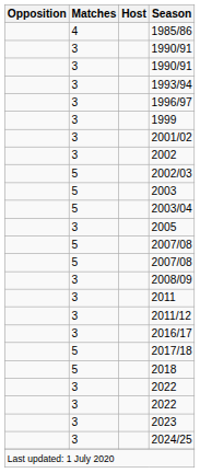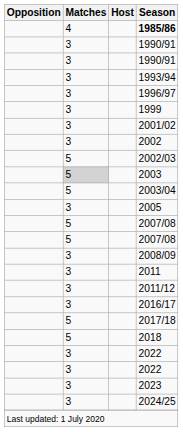 <table class="wikitable plainrowheaders sortable">
 <tr>
 <th scope=col>Opposition</th>
 <th scope=col style="text-align:center">Matches</th>
 <th scope=col>Host</th>
 <th scope=col style="text-align:center">Season</th>
 </tr>
 <tr>
 <td></td>
 <td>4</td>
 <td></td>
-<td>1985/86</td>
+<td><strong>1985/86</strong></td>
 </tr>
 <tr>
 <td></td>
 <td>3</td>
 <td></td>
 <td>1990/91</td>
 </tr>
 <tr>
 <td></td>
 <td>3</td>
 <td></td>
 <td>1990/91</td>
 </tr>
 <tr>
 <td></td>
 <td>3</td>
 <td></td>
 <td>1993/94</td>
 </tr>
 <tr>
 <td></td>
 <td>3</td>
 <td></td>
 <td>1996/97</td>
 </tr>
 <tr>
 <td></td>
 <td>3</td>
 <td></td>
 <td>1999</td>
 </tr>
 <tr>
 <td></td>
 <td>3</td>
 <td></td>
 <td>2001/02</td>
 </tr>
 <tr>
 <td></td>
 <td>3</td>
 <td></td>
 <td>2002</td>
 </tr>
 <tr>
 <td></td>
 <td>5</td>
 <td></td>
 <td>2002/03</td>
 </tr>
 <tr>
 <td></td>
-<td>5</td>
+<td style="background: lightgrey;">5</td>
 <td></td>
 <td>2003</td>
 </tr>
 <tr>
 <td></td>
 <td>5</td>
 <td></td>
 <td>2003/04</td>
 </tr>
 <tr>
 <td></td>
 <td>3</td>
 <td></td>
 <td>2005</td>
 </tr>
 <tr>
 <td></td>
 <td>5</td>
 <td></td>
 <td>2007/08</td>
 </tr>
 <tr>
 <td></td>
 <td>5</td>
 <td></td>
 <td>2007/08</td>
 </tr>
 <tr>
 <td></td>
 <td>3</td>
 <td></td>
 <td>2008/09</td>
 </tr>
 <tr>
 <td></td>
 <td>3</td>
 <td></td>
 <td>2011</td>
 </tr>
 <tr>
 <td></td>
 <td>3</td>
 <td></td>
 <td>2011/12</td>
 </tr>
 <tr>
 <td></td>
 <td>3</td>
 <td></td>
 <td>2016/17</td>
 </tr>
 <tr>
 <td></td>
 <td>5</td>
 <td></td>
 <td>2017/18</td>
 </tr>
 <tr>
 <td></td>
 <td>5</td>
 <td></td>
 <td>2018</td>
 </tr>
 <tr>
 <td></td>
 <td>3</td>
 <td></td>
 <td>2022</td>
 </tr>
 <tr>
 <td></td>
 <td>3</td>
 <td></td>
 <td>2022</td>
 </tr>
 <tr>
 <td></td>
 <td>3</td>
 <td></td>
 <td>2023</td>
 </tr>
 <tr>
 <td></td>
 <td>3</td>
 <td></td>
 <td>2024/25</td>
 </tr>
 <tr>
 </tr>
 <tr class=sortbottom>
 <td colspan=5><small>Last updated: 1 July 2020</small></td>
 </tr>
 </table>
